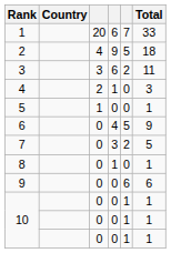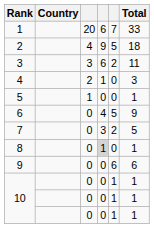 <table class="wikitable" style="text-align: center; font-size: 95%">
 <tr>
 <th>Rank</th>
 <th>Country</th>
 <th></th>
 <th></th>
 <th></th>
 <th>Total</th>
 </tr>
 <tr>
 <td>1</td>
 <td style="text-align: left"></td>
 <td>20</td>
 <td>6</td>
 <td>7</td>
 <td>33</td>
 </tr>
 <tr>
 <td>2</td>
 <td style="text-align: left"></td>
 <td>4</td>
 <td>9</td>
 <td>5</td>
 <td>18</td>
 </tr>
 <tr>
 <td>3</td>
 <td style="text-align: left"></td>
 <td>3</td>
 <td>6</td>
 <td>2</td>
 <td>11</td>
 </tr>
 <tr>
 <td>4</td>
 <td style="text-align: left"></td>
 <td>2</td>
 <td>1</td>
 <td>0</td>
 <td>3</td>
 </tr>
 <tr>
 <td>5</td>
 <td style="text-align: left"></td>
 <td>1</td>
 <td>0</td>
 <td>0</td>
 <td>1</td>
 </tr>
 <tr>
 <td>6</td>
 <td style="text-align: left"></td>
 <td>0</td>
 <td>4</td>
 <td>5</td>
 <td>9</td>
 </tr>
 <tr>
 <td>7</td>
 <td style="text-align: left"></td>
 <td>0</td>
 <td>3</td>
 <td>2</td>
 <td>5</td>
 </tr>
 <tr>
 <td>8</td>
 <td style="text-align: left"></td>
 <td>0</td>
-<td>1</td>
+<td style="background: lightgrey;">1</td>
 <td>0</td>
 <td>1</td>
 </tr>
 <tr>
 <td>9</td>
 <td style="text-align: left"></td>
 <td>0</td>
 <td>0</td>
 <td>6</td>
 <td>6</td>
 </tr>
 <tr>
 <td rowspan=3>10</td>
 <td style="text-align: left"></td>
 <td>0</td>
 <td>0</td>
 <td>1</td>
 <td>1</td>
 </tr>
 <tr>
 <td style="text-align: left"></td>
 <td>0</td>
 <td>0</td>
 <td>1</td>
 <td>1</td>
 </tr>
 <tr>
 <td style="text-align: left"></td>
 <td>0</td>
 <td>0</td>
 <td>1</td>
 <td>1</td>
 </tr>
 </table>
